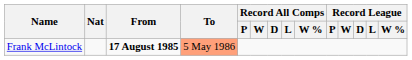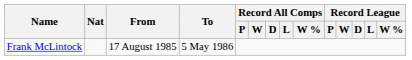 <table style="text-align: center" class="wikitable">
 <tr>
 <th rowspan="2">Name</th>
 <th rowspan="2">Nat</th>
 <th rowspan="2">From</th>
 <th rowspan="2">To</th>
 <th colspan="5">Record All Comps</th>
 <th colspan="5">Record League</th>
 </tr>
 <tr>
 <th>P</th>
 <th>W</th>
 <th>D</th>
 <th>L</th>
 <th>W %</th>
 <th>P</th>
 <th>W</th>
 <th>D</th>
 <th>L</th>
 <th>W %</th>
 </tr>
 <tr>
 <td style="text-align:left;"><a href='#'>Frank McLintock</a></td>
 <td></td>
-<td style="text-align:left;"><strong>17 August 1985</strong></td>
-<td style="background: lightsalmon; text-align:left;">5 May 1986<br> </td>
+<td style="text-align:left;">17 August 1985</td>
+<td style="text-align:left;">5 May 1986<br> </td>
 </tr>
 </table>
